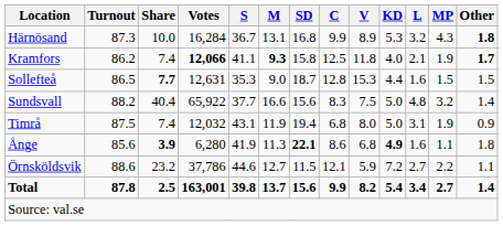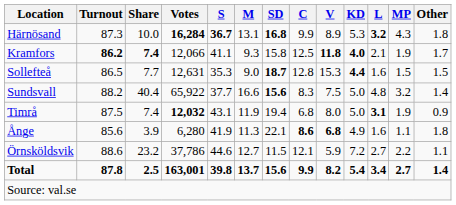 <table class="wikitable sortable" style=text-align:right>
 <tr>
 <th>Location</th>
 <th>Turnout</th>
 <th>Share</th>
 <th>Votes</th>
 <th><a href='#'>S</a></th>
 <th><a href='#'>M</a></th>
 <th><a href='#'>SD</a></th>
 <th><a href='#'>C</a></th>
 <th><a href='#'>V</a></th>
 <th><a href='#'>KD</a></th>
 <th><a href='#'>L</a></th>
 <th><a href='#'>MP</a></th>
 <th>Other</th>
 </tr>
 <tr>
 <td align=left><a href='#'>Härnösand</a></td>
 <td>87.3</td>
 <td>10.0</td>
-<td>16,284</td>
-<td>36.7</td>
+<td><strong>16,284</strong></td>
+<td><strong>36.7</strong></td>
 <td>13.1</td>
-<td>16.8</td>
+<td><strong>16.8</strong></td>
 <td>9.9</td>
 <td>8.9</td>
 <td>5.3</td>
-<td>3.2</td>
+<td><strong>3.2</strong></td>
 <td>4.3</td>
-<td><strong>1.8</strong></td>
+<td>1.8</td>
 </tr>
 <tr>
 <td align=left><a href='#'>Kramfors</a></td>
-<td>86.2</td>
-<td>7.4</td>
-<td><strong>12,066</strong></td>
+<td><strong>86.2</strong></td>
+<td><strong>7.4</strong></td>
+<td>12,066</td>
 <td>41.1</td>
-<td><strong>9.3</strong></td>
+<td>9.3</td>
 <td>15.8</td>
 <td>12.5</td>
-<td>11.8</td>
-<td>4.0</td>
+<td><strong>11.8</strong></td>
+<td><strong>4.0</strong></td>
 <td>2.1</td>
 <td>1.9</td>
-<td><strong>1.7</strong></td>
+<td>1.7</td>
 </tr>
 <tr>
 <td align=left><a href='#'>Sollefteå</a></td>
 <td>86.5</td>
-<td><strong>7.7</strong></td>
+<td>7.7</td>
 <td>12,631</td>
 <td>35.3</td>
 <td>9.0</td>
-<td>18.7</td>
+<td><strong>18.7</strong></td>
 <td>12.8</td>
 <td>15.3</td>
-<td>4.4</td>
+<td><strong>4.4</strong></td>
 <td>1.6</td>
 <td>1.5</td>
 <td>1.5</td>
 </tr>
 <tr>
 <td align=left><a href='#'>Sundsvall</a></td>
 <td>88.2</td>
 <td>40.4</td>
 <td>65,922</td>
 <td>37.7</td>
 <td>16.6</td>
-<td>15.6</td>
+<td><strong>15.6</strong></td>
 <td>8.3</td>
 <td>7.5</td>
 <td>5.0</td>
 <td>4.8</td>
 <td>3.2</td>
 <td>1.4</td>
 </tr>
 <tr>
 <td align=left><a href='#'>Timrå</a></td>
 <td>87.5</td>
 <td>7.4</td>
-<td>12,032</td>
+<td><strong>12,032</strong></td>
 <td>43.1</td>
 <td>11.9</td>
 <td>19.4</td>
 <td>6.8</td>
 <td>8.0</td>
 <td>5.0</td>
-<td>3.1</td>
+<td><strong>3.1</strong></td>
 <td>1.9</td>
 <td>0.9</td>
 </tr>
 <tr>
 <td align=left><a href='#'>Ånge</a></td>
 <td>85.6</td>
-<td><strong>3.9</strong></td>
+<td>3.9</td>
 <td>6,280</td>
 <td>41.9</td>
 <td>11.3</td>
-<td><strong>22.1</strong></td>
-<td>8.6</td>
-<td>6.8</td>
-<td><strong>4.9</strong></td>
+<td>22.1</td>
+<td><strong>8.6</strong></td>
+<td><strong>6.8</strong></td>
+<td>4.9</td>
 <td>1.6</td>
 <td>1.1</td>
 <td>1.8</td>
 </tr>
 <tr>
 <td align=left><a href='#'>Örnsköldsvik</a></td>
 <td>88.6</td>
 <td>23.2</td>
 <td>37,786</td>
 <td>44.6</td>
 <td>12.7</td>
 <td>11.5</td>
 <td>12.1</td>
 <td>5.9</td>
 <td>7.2</td>
 <td>2.7</td>
 <td>2.2</td>
 <td>1.1</td>
 </tr>
 <tr>
 <td align=left><strong>Total</strong></td>
 <td><strong>87.8</strong></td>
 <td><strong>2.5</strong></td>
 <td><strong>163,001</strong></td>
 <td><strong>39.8</strong></td>
 <td><strong>13.7</strong></td>
 <td><strong>15.6</strong></td>
 <td><strong>9.9</strong></td>
 <td><strong>8.2</strong></td>
 <td><strong>5.4</strong></td>
 <td><strong>3.4</strong></td>
 <td><strong>2.7</strong></td>
 <td><strong>1.4</strong></td>
 </tr>
 <tr>
 <td align=left colspan=13>Source: val.se</td>
 </tr>
 </table>
